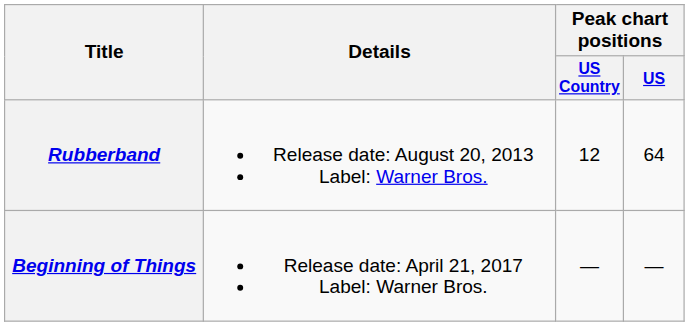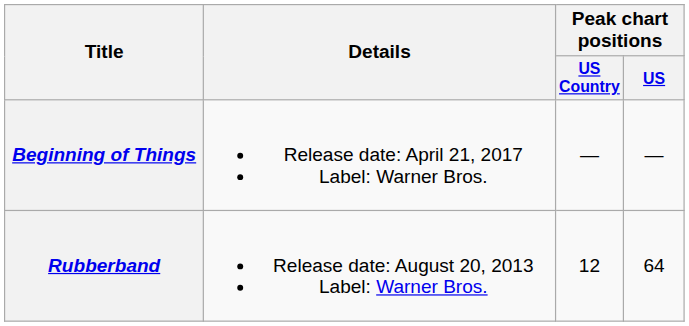 <table class="wikitable plainrowheaders" style="text-align:center;">
 <tr>
 <th rowspan="2" style="width:10em;">Title</th>
 <th rowspan="2" style="width:18em;">Details</th>
 <th colspan="2">Peak chart<br>positions</th>
 </tr>
 <tr style="font-size:smaller;">
 <th style="width:45px;"><a href='#'>US Country</a><br></th>
 <th style="width:45px;"><a href='#'>US</a><br></th>
 </tr>
 <tr>
+<th scope="row"><em><a href='#'>Beginning of Things</a></em></th>
+<td><br><ul><li>Release date: April 21, 2017</li><li>Label: Warner Bros.</li></ul></td>
+<td>—</td>
+<td>—</td>
+</tr>
+<tr>
 <th scope="row"><em><a href='#'>Rubberband</a></em></th>
 <td><br><ul><li>Release date: August 20, 2013</li><li>Label: <a href='#'>Warner Bros.</a></li></ul></td>
 <td>12</td>
 <td>64</td>
 </tr>
-<tr>
-<th scope="row"><em><a href='#'>Beginning of Things</a></em></th>
-<td><br><ul><li>Release date: April 21, 2017</li><li>Label: Warner Bros.</li></ul></td>
-<td>—</td>
-<td>—</td>
-</tr>
 </table>
